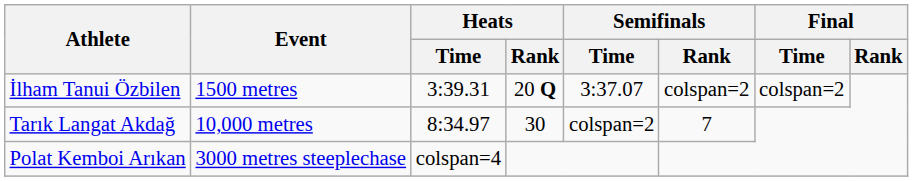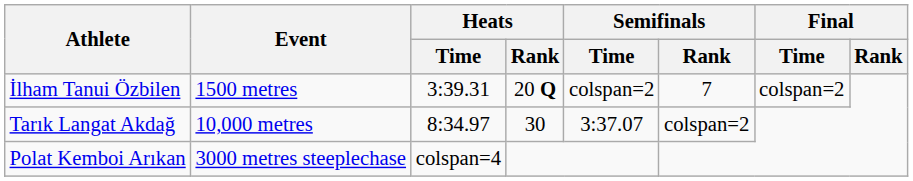 <table class=wikitable style="font-size:90%;">
 <tr>
 <th rowspan=2>Athlete</th>
 <th rowspan=2>Event</th>
 <th colspan=2>Heats</th>
 <th colspan=2>Semifinals</th>
 <th colspan=2>Final</th>
 </tr>
 <tr>
 <th>Time</th>
 <th>Rank</th>
 <th>Time</th>
 <th>Rank</th>
 <th>Time</th>
 <th>Rank</th>
 </tr>
 <tr>
 <td><a href='#'>İlham Tanui Özbilen</a></td>
 <td><a href='#'>1500 metres</a></td>
 <td align="center">3:39.31</td>
 <td align="center">20 <strong>Q</strong></td>
-<td align="center">3:37.07</td>
 <td>colspan=2 </td>
+<td align="center">7</td>
 <td>colspan=2 </td>
 </tr>
 <tr>
 <td><a href='#'>Tarık Langat Akdağ</a></td>
 <td><a href='#'>10,000 metres</a></td>
 <td align="center">8:34.97</td>
 <td align="center">30</td>
+<td align="center">3:37.07</td>
 <td>colspan=2 </td>
-<td align="center">7</td>
 </tr>
 <tr>
 <td><a href='#'>Polat Kemboi Arıkan</a></td>
 <td><a href='#'>3000 metres steeplechase</a></td>
 <td>colspan=4 </td>
 <td align="center"  colspan=2></td>
 </tr>
 </table>
